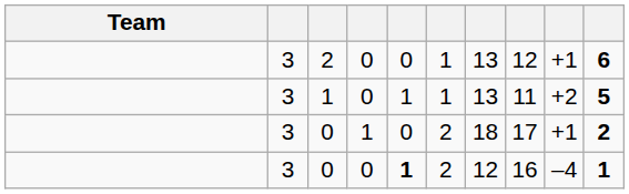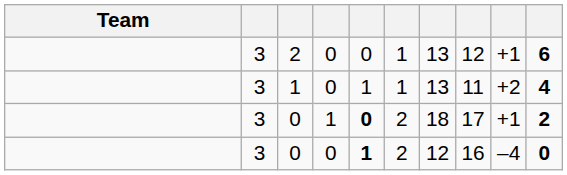 <table class="wikitable" style="text-align: center;">
 <tr>
 <th style="width:175px;">Team</th>
 <th width="20"></th>
 <th width="20"></th>
 <th width="20"></th>
 <th width="20"></th>
 <th width="20"></th>
 <th width="20"></th>
 <th width="20"></th>
 <th width="20"></th>
 <th width="20"></th>
 </tr>
 <tr -bgcolor=#ccffcc>
 <td align=left></td>
 <td>3</td>
 <td>2</td>
 <td>0</td>
 <td>0</td>
 <td>1</td>
 <td>13</td>
 <td>12</td>
 <td>+1</td>
 <td><strong>6</strong></td>
 </tr>
 <tr>
 <td align=left></td>
 <td>3</td>
 <td>1</td>
 <td>0</td>
 <td>1</td>
 <td>1</td>
 <td>13</td>
 <td>11</td>
 <td>+2</td>
-<td><strong>5</strong></td>
+<td><strong>4</strong></td>
 </tr>
 <tr>
 <td align=left></td>
 <td>3</td>
 <td>0</td>
 <td>1</td>
-<td>0</td>
+<td><strong>0</strong></td>
 <td>2</td>
 <td>18</td>
 <td>17</td>
 <td>+1</td>
 <td><strong>2</strong></td>
 </tr>
 <tr>
 <td align=left></td>
 <td>3</td>
 <td>0</td>
 <td>0</td>
 <td><strong>1</strong></td>
 <td>2</td>
 <td>12</td>
 <td>16</td>
 <td>–4</td>
-<td><strong>1</strong></td>
+<td><strong>0</strong></td>
 </tr>
 </table>
